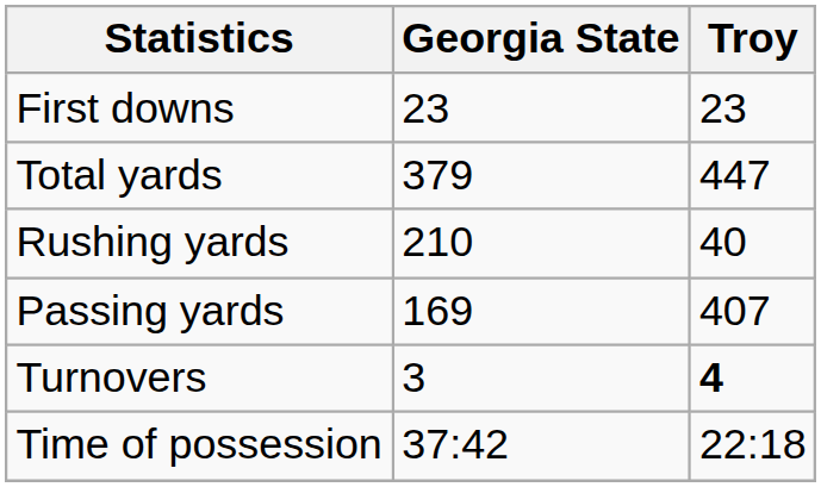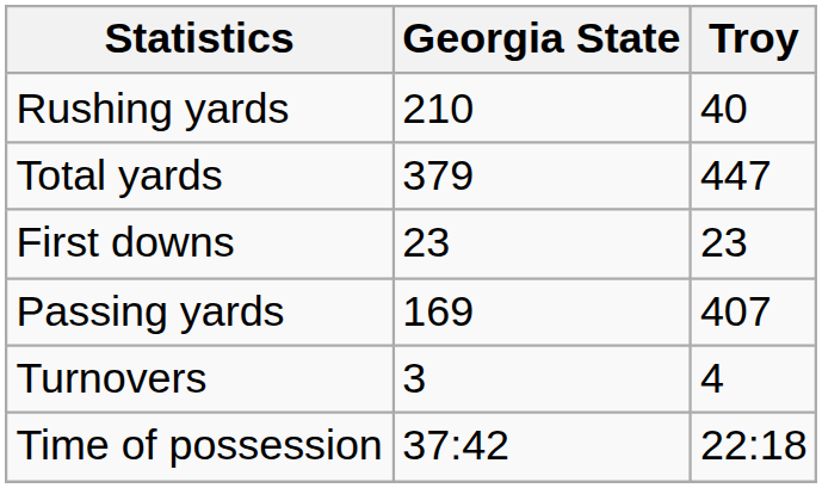 <table class="wikitable">
 <tr>
 <th>Statistics</th>
 <th>Georgia State</th>
 <th>Troy</th>
 </tr>
 <tr>
-<td>First downs</td>
-<td>23</td>
-<td>23</td>
+<td>Rushing yards</td>
+<td>210</td>
+<td>40</td>
 </tr>
 <tr>
 <td>Total yards</td>
 <td>379</td>
 <td>447</td>
 </tr>
 <tr>
-<td>Rushing yards</td>
-<td>210</td>
-<td>40</td>
+<td>First downs</td>
+<td>23</td>
+<td>23</td>
 </tr>
 <tr>
 <td>Passing yards</td>
 <td>169</td>
 <td>407</td>
 </tr>
 <tr>
 <td>Turnovers</td>
 <td>3</td>
-<td><strong>4</strong></td>
+<td>4</td>
 </tr>
 <tr>
 <td>Time of possession</td>
 <td>37:42</td>
 <td>22:18</td>
 </tr>
 <tr>
 </tr>
 </table>
